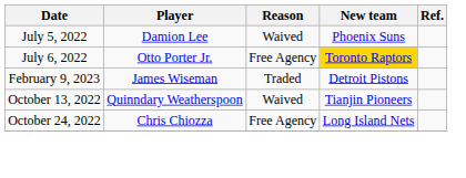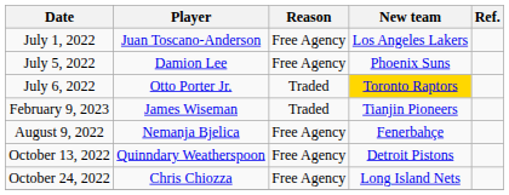 <table class="wikitable sortable sortable" style="text-align: center">
 <tr>
 <th>Date</th>
 <th>Player</th>
 <th>Reason</th>
 <th>New team</th>
 <th>Ref.</th>
 </tr>
 <tr>
+<td>July 1, 2022</td>
+<td><a href='#'>Juan Toscano-Anderson</a></td>
+<td>Free Agency</td>
+<td><a href='#'>Los Angeles Lakers</a></td>
+<td></td>
+</tr>
+<tr>
 <td>July 5, 2022</td>
 <td><a href='#'>Damion Lee</a></td>
-<td>Waived</td>
+<td>Free Agency</td>
 <td><a href='#'>Phoenix Suns</a></td>
 <td></td>
 </tr>
 <tr>
 <td>July 6, 2022</td>
 <td><a href='#'>Otto Porter Jr.</a></td>
-<td>Free Agency</td>
+<td>Traded</td>
 <td style="background: gold;"><a href='#'>Toronto Raptors</a></td>
 <td></td>
 </tr>
 <tr>
 <td>February 9, 2023</td>
 <td><a href='#'>James Wiseman</a></td>
 <td>Traded</td>
-<td><a href='#'>Detroit Pistons</a></td>
+<td> <a href='#'>Tianjin Pioneers</a></td>
+</tr>
+<tr>
+<td>August 9, 2022</td>
+<td><a href='#'>Nemanja Bjelica</a></td>
+<td>Free Agency</td>
+<td> <a href='#'>Fenerbahçe</a></td>
+<td></td>
 </tr>
 <tr>
 <td>October 13, 2022</td>
 <td><a href='#'>Quinndary Weatherspoon</a></td>
-<td>Waived</td>
-<td> <a href='#'>Tianjin Pioneers</a></td>
+<td>Free Agency</td>
+<td><a href='#'>Detroit Pistons</a></td>
 <td></td>
 </tr>
 <tr>
 <td>October 24, 2022</td>
 <td><a href='#'>Chris Chiozza</a></td>
 <td>Free Agency</td>
 <td><a href='#'>Long Island Nets</a></td>
 <td></td>
 </tr>
 <tr>
 </tr>
 </table>
